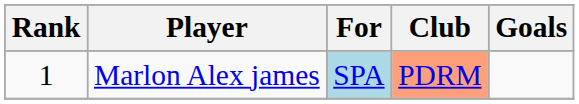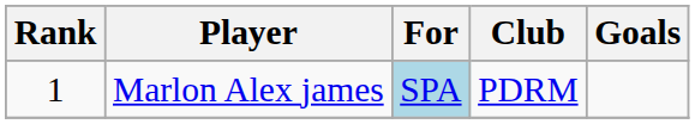 <table class="wikitable" style="text-align:center">
 <tr>
 <th>Rank</th>
 <th>Player</th>
 <th>For</th>
 <th>Club</th>
 <th>Goals</th>
 </tr>
 <tr>
 <td rowspan="1">1</td>
 <td align="left"> <a href='#'>Marlon Alex james</a></td>
 <td align="left" style="background: lightblue;"><a href='#'>SPA</a></td>
-<td style="background: lightsalmon;"><a href='#'>PDRM</a></td>
+<td><a href='#'>PDRM</a></td>
 <td rowspan=1></td>
 </tr>
 <tr>
 </tr>
 </table>
